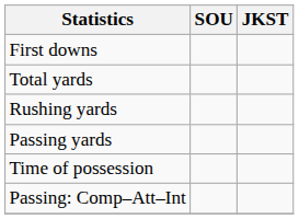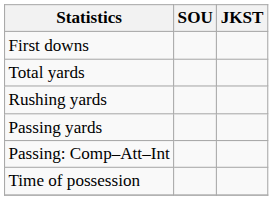 <table class="wikitable" style="float: left;">
 <tr>
 <th>Statistics</th>
 <th>SOU</th>
 <th>JKST</th>
 </tr>
 <tr>
 <td>First downs</td>
 <td></td>
 <td></td>
 </tr>
 <tr>
 <td>Total yards</td>
 <td></td>
 <td></td>
 </tr>
 <tr>
 <td>Rushing yards</td>
 <td></td>
 <td></td>
 </tr>
 <tr>
 <td>Passing yards</td>
 <td></td>
 <td></td>
 </tr>
 <tr>
-<td>Time of possession</td>
+<td>Passing: Comp–Att–Int</td>
 <td></td>
 <td></td>
 </tr>
 <tr>
-<td>Passing: Comp–Att–Int</td>
+<td>Time of possession</td>
 <td></td>
 <td></td>
 </tr>
 <tr>
 </tr>
 </table>
